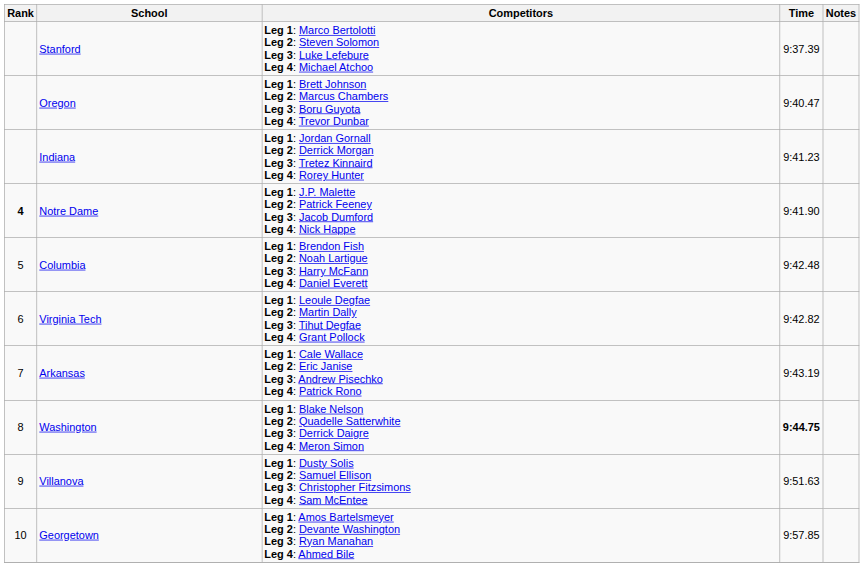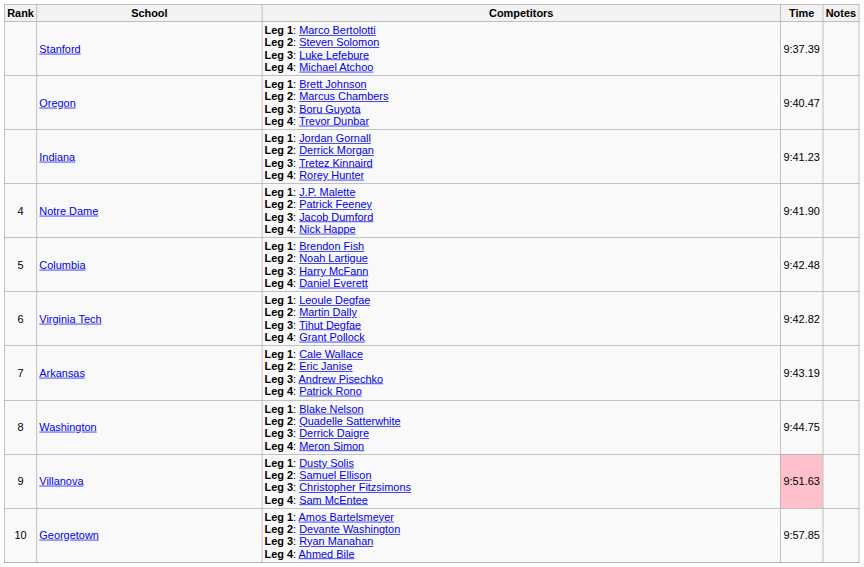 <table class="wikitable sortable" width=75% style="text-align:center; font-size:95%">
 <tr>
 <th width=15>Rank</th>
 <th width=300>School</th>
 <th width=700>Competitors</th>
 <th width=15>Time</th>
 <th width=15>Notes</th>
 </tr>
 <tr>
 <td></td>
 <td align=left><a href='#'>Stanford</a></td>
 <td align=left><strong>Leg 1</strong>: <a href='#'>Marco Bertolotti</a> <br> <strong>Leg 2</strong>: <a href='#'>Steven Solomon</a> <br> <strong>Leg 3</strong>: <a href='#'>Luke Lefebure</a> <br> <strong>Leg 4</strong>: <a href='#'>Michael Atchoo</a></td>
 <td>9:37.39</td>
 <td></td>
 </tr>
 <tr>
 <td></td>
 <td align=left><a href='#'>Oregon</a></td>
 <td align=left><strong>Leg 1</strong>: <a href='#'>Brett Johnson</a> <br> <strong>Leg 2</strong>: <a href='#'>Marcus Chambers</a> <br> <strong>Leg 3</strong>: <a href='#'>Boru Guyota</a> <br> <strong>Leg 4</strong>: <a href='#'>Trevor Dunbar</a></td>
 <td>9:40.47</td>
 <td></td>
 </tr>
 <tr>
 <td></td>
 <td align=left><a href='#'>Indiana</a></td>
 <td align=left><strong>Leg 1</strong>: <a href='#'>Jordan Gornall</a> <br> <strong>Leg 2</strong>: <a href='#'>Derrick Morgan</a> <br> <strong>Leg 3</strong>: <a href='#'>Tretez Kinnaird</a> <br> <strong>Leg 4</strong>: <a href='#'>Rorey Hunter</a></td>
 <td>9:41.23</td>
 <td></td>
 </tr>
 <tr>
-<td><strong>4</strong></td>
+<td>4</td>
 <td align=left><a href='#'>Notre Dame</a></td>
 <td align=left><strong>Leg 1</strong>: <a href='#'>J.P. Malette</a> <br> <strong>Leg 2</strong>: <a href='#'>Patrick Feeney</a> <br> <strong>Leg 3</strong>: <a href='#'>Jacob Dumford</a> <br> <strong>Leg 4</strong>: <a href='#'>Nick Happe</a></td>
 <td>9:41.90</td>
 <td></td>
 </tr>
 <tr>
 <td>5</td>
 <td align=left><a href='#'>Columbia</a></td>
 <td align=left><strong>Leg 1</strong>: <a href='#'>Brendon Fish</a> <br> <strong>Leg 2</strong>: <a href='#'>Noah Lartigue</a> <br> <strong>Leg 3</strong>: <a href='#'>Harry McFann</a> <br> <strong>Leg 4</strong>: <a href='#'>Daniel Everett</a></td>
 <td>9:42.48</td>
 <td></td>
 </tr>
 <tr>
 <td>6</td>
 <td align=left><a href='#'>Virginia Tech</a></td>
 <td align=left><strong>Leg 1</strong>: <a href='#'>Leoule Degfae</a> <br> <strong>Leg 2</strong>: <a href='#'>Martin Dally</a> <br> <strong>Leg 3</strong>: <a href='#'>Tihut Degfae</a> <br> <strong>Leg 4</strong>: <a href='#'>Grant Pollock</a></td>
 <td>9:42.82</td>
 <td></td>
 </tr>
 <tr>
 <td>7</td>
 <td align=left><a href='#'>Arkansas</a></td>
 <td align=left><strong>Leg 1</strong>: <a href='#'>Cale Wallace</a> <br> <strong>Leg 2</strong>: <a href='#'>Eric Janise</a> <br> <strong>Leg 3</strong>: <a href='#'>Andrew Pisechko</a> <br> <strong>Leg 4</strong>: <a href='#'>Patrick Rono</a></td>
 <td>9:43.19</td>
 <td></td>
 </tr>
 <tr>
 <td>8</td>
 <td align=left><a href='#'>Washington</a></td>
 <td align=left><strong>Leg 1</strong>: <a href='#'>Blake Nelson</a> <br> <strong>Leg 2</strong>: <a href='#'>Quadelle Satterwhite</a> <br> <strong>Leg 3</strong>: <a href='#'>Derrick Daigre</a> <br> <strong>Leg 4</strong>: <a href='#'>Meron Simon</a></td>
-<td><strong>9:44.75</strong></td>
+<td>9:44.75</td>
 <td></td>
 </tr>
 <tr>
 <td>9</td>
 <td align=left><a href='#'>Villanova</a></td>
 <td align=left><strong>Leg 1</strong>: <a href='#'>Dusty Solis</a> <br> <strong>Leg 2</strong>: <a href='#'>Samuel Ellison</a> <br> <strong>Leg 3</strong>: <a href='#'>Christopher Fitzsimons</a> <br> <strong>Leg 4</strong>: <a href='#'>Sam McEntee</a> </td>
-<td>9:51.63</td>
+<td style="background: pink;">9:51.63</td>
 <td></td>
 </tr>
 <tr>
 <td>10</td>
 <td align=left><a href='#'>Georgetown</a></td>
 <td align=left><strong>Leg 1</strong>: <a href='#'>Amos Bartelsmeyer</a> <br> <strong>Leg 2</strong>: <a href='#'>Devante Washington</a> <br> <strong>Leg 3</strong>: <a href='#'>Ryan Manahan</a> <br> <strong>Leg 4</strong>: <a href='#'>Ahmed Bile</a></td>
 <td>9:57.85</td>
 <td></td>
 </tr>
 <tr>
 </tr>
 </table>
